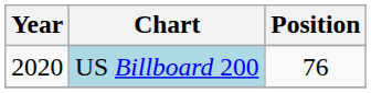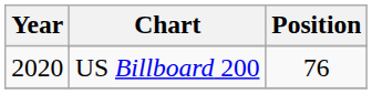 <table class="wikitable">
 <tr>
 <th>Year</th>
 <th>Chart</th>
 <th>Position</th>
 </tr>
 <tr>
 <td align="center" rowspan="3">2020<br></td>
 </tr>
 <tr>
 </tr>
 <tr>
-<td style="background: lightblue;">US <a href='#'><em>Billboard</em> 200</a></td>
+<td>US <a href='#'><em>Billboard</em> 200</a></td>
 <td align="center">76</td>
 </tr>
 <tr>
 </tr>
 </table>
